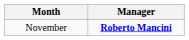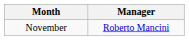 <table class="wikitable" style="text-align:center">
 <tr>
 <th>Month</th>
 <th>Manager</th>
 </tr>
 <tr>
 <td style="width:130px;">November</td>
-<td style="width:150px;"><strong> <a href='#'>Roberto Mancini</a></strong></td>
+<td style="width:150px;"> <a href='#'>Roberto Mancini</a></td>
 </tr>
 </table>
